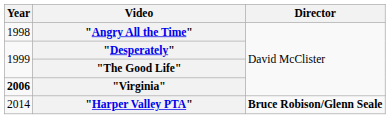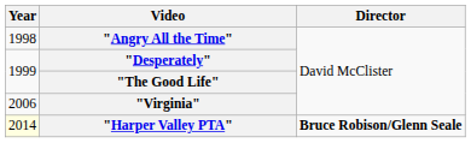 <table class="wikitable plainrowheaders">
 <tr>
 <th>Year</th>
 <th style="width:18em;">Video</th>
 <th>Director</th>
 </tr>
 <tr>
 <td>1998</td>
 <th scope="row">"<a href='#'>Angry All the Time</a>"</th>
 <td rowspan="4">David McClister</td>
 </tr>
 <tr>
 <td rowspan="2">1999</td>
 <th scope="row">"<a href='#'>Desperately</a>"</th>
 </tr>
 <tr>
 <th scope="row">"The Good Life"</th>
 </tr>
 <tr>
-<td><strong>2006</strong></td>
+<td>2006</td>
 <th scope="row">"Virginia"</th>
 </tr>
 <tr>
-<td>2014</td>
+<td style="background: lightyellow;">2014</td>
 <th scope="row">"<a href='#'>Harper Valley PTA</a>" </th>
 <td><strong>Bruce Robison/Glenn Seale</strong></td>
 </tr>
 </table>
